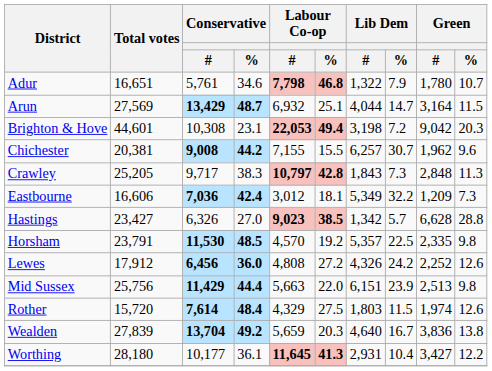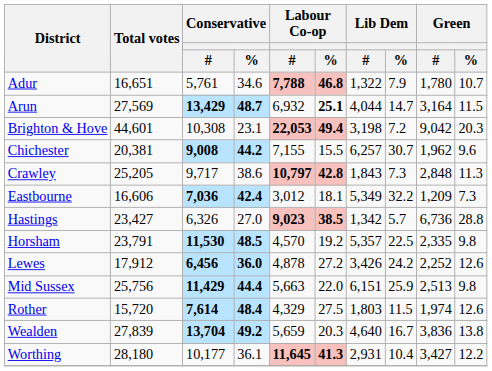 <table class="wikitable sortable">
 <tr>
 <th rowspan=3>District</th>
 <th rowspan=3>Total votes</th>
 <th colspan="2">Conservative</th>
 <th colspan="2">Labour<br>Co-op</th>
 <th colspan="2">Lib Dem</th>
 <th colspan="2">Green</th>
 </tr>
 <tr>
 <th colspan="2" style="background:"></th>
 <th colspan="2" style="background:"></th>
 <th colspan="2" style="background:"></th>
 <th colspan="2" style="background:"></th>
 </tr>
 <tr>
 <th>#</th>
 <th>%</th>
 <th>#</th>
 <th>%</th>
 <th>#</th>
 <th>%</th>
 <th>#</th>
 <th>%</th>
 </tr>
 <tr>
 <td><a href='#'>Adur</a></td>
 <td>16,651</td>
 <td>5,761</td>
 <td>34.6</td>
-<td style="background:#F8C1BE;"><strong>7,798</strong></td>
+<td style="background:#F8C1BE;"><strong>7,788</strong></td>
 <td style="background:#F8C1BE;"><strong>46.8</strong></td>
 <td>1,322</td>
 <td>7.9</td>
 <td>1,780</td>
 <td>10.7</td>
 </tr>
 <tr>
 <td><a href='#'>Arun</a></td>
 <td>27,569</td>
 <td style="background:#B9E4FF;"><strong>13,429</strong></td>
 <td style="background:#B9E4FF;"><strong>48.7</strong></td>
 <td>6,932</td>
-<td>25.1</td>
+<td><strong>25.1</strong></td>
 <td>4,044</td>
 <td>14.7</td>
 <td>3,164</td>
 <td>11.5</td>
 </tr>
 <tr>
 <td><a href='#'>Brighton & Hove</a></td>
 <td>44,601</td>
 <td>10,308</td>
 <td>23.1</td>
 <td style="background:#F8C1BE;"><strong>22,053</strong></td>
 <td style="background:#F8C1BE;"><strong>49.4</strong></td>
 <td>3,198</td>
 <td>7.2</td>
 <td>9,042</td>
 <td>20.3</td>
 </tr>
 <tr>
 <td><a href='#'>Chichester</a></td>
 <td>20,381</td>
 <td style="background:#B9E4FF;"><strong>9,008</strong></td>
 <td style="background:#B9E4FF;"><strong>44.2</strong></td>
 <td>7,155</td>
 <td>15.5</td>
 <td>6,257</td>
 <td>30.7</td>
 <td>1,962</td>
 <td>9.6</td>
 </tr>
 <tr>
 <td><a href='#'>Crawley</a></td>
 <td>25,205</td>
 <td>9,717</td>
-<td>38.3</td>
+<td>38.6</td>
 <td style="background:#F8C1BE;"><strong>10,797</strong></td>
 <td style="background:#F8C1BE;"><strong>42.8</strong></td>
 <td>1,843</td>
 <td>7.3</td>
 <td>2,848</td>
 <td>11.3</td>
 </tr>
 <tr>
 <td><a href='#'>Eastbourne</a></td>
 <td>16,606</td>
 <td style="background:#B9E4FF;"><strong>7,036</strong></td>
 <td style="background:#B9E4FF;"><strong>42.4</strong></td>
 <td>3,012</td>
 <td>18.1</td>
 <td>5,349</td>
 <td>32.2</td>
 <td>1,209</td>
 <td>7.3</td>
 </tr>
 <tr>
 <td><a href='#'>Hastings</a></td>
 <td>23,427</td>
 <td>6,326</td>
 <td>27.0</td>
 <td style="background:#F8C1BE;"><strong>9,023</strong></td>
 <td style="background:#F8C1BE;"><strong>38.5</strong></td>
 <td>1,342</td>
 <td>5.7</td>
-<td>6,628</td>
+<td>6,736</td>
 <td>28.8</td>
 </tr>
 <tr>
 <td><a href='#'>Horsham</a></td>
 <td>23,791</td>
 <td style="background:#B9E4FF;"><strong>11,530</strong></td>
 <td style="background:#B9E4FF;"><strong>48.5</strong></td>
 <td>4,570</td>
 <td>19.2</td>
 <td>5,357</td>
 <td>22.5</td>
 <td>2,335</td>
 <td>9.8</td>
 </tr>
 <tr>
 <td><a href='#'>Lewes</a></td>
 <td>17,912</td>
 <td style="background:#B9E4FF;"><strong>6,456</strong></td>
 <td style="background:#B9E4FF;"><strong>36.0</strong></td>
-<td>4,808</td>
+<td>4,878</td>
 <td>27.2</td>
-<td>4,326</td>
+<td>3,426</td>
 <td>24.2</td>
 <td>2,252</td>
 <td>12.6</td>
 </tr>
 <tr>
 <td><a href='#'>Mid Sussex</a></td>
 <td>25,756</td>
 <td style="background:#B9E4FF;"><strong>11,429</strong></td>
 <td style="background:#B9E4FF;"><strong>44.4</strong></td>
 <td>5,663</td>
 <td>22.0</td>
 <td>6,151</td>
-<td>23.9</td>
+<td>25.9</td>
 <td>2,513</td>
 <td>9.8</td>
 </tr>
 <tr>
 <td><a href='#'>Rother</a></td>
 <td>15,720</td>
 <td style="background:#B9E4FF;"><strong>7,614</strong></td>
 <td style="background:#B9E4FF;"><strong>48.4</strong></td>
 <td>4,329</td>
 <td>27.5</td>
 <td>1,803</td>
 <td>11.5</td>
 <td>1,974</td>
 <td>12.6</td>
 </tr>
 <tr>
 <td><a href='#'>Wealden</a></td>
 <td>27,839</td>
 <td style="background:#B9E4FF;"><strong>13,704</strong></td>
 <td style="background:#B9E4FF;"><strong>49.2</strong></td>
 <td>5,659</td>
 <td>20.3</td>
 <td>4,640</td>
 <td>16.7</td>
 <td>3,836</td>
 <td>13.8</td>
 </tr>
 <tr>
 <td><a href='#'>Worthing</a></td>
 <td>28,180</td>
 <td>10,177</td>
 <td>36.1</td>
 <td style="background:#F8C1BE;"><strong>11,645</strong></td>
 <td style="background:#F8C1BE;"><strong>41.3</strong></td>
 <td>2,931</td>
 <td>10.4</td>
 <td>3,427</td>
 <td>12.2</td>
 </tr>
 <tr>
 </tr>
 </table>
